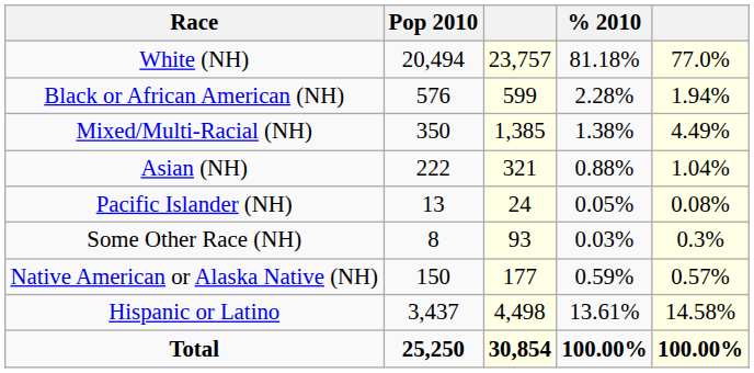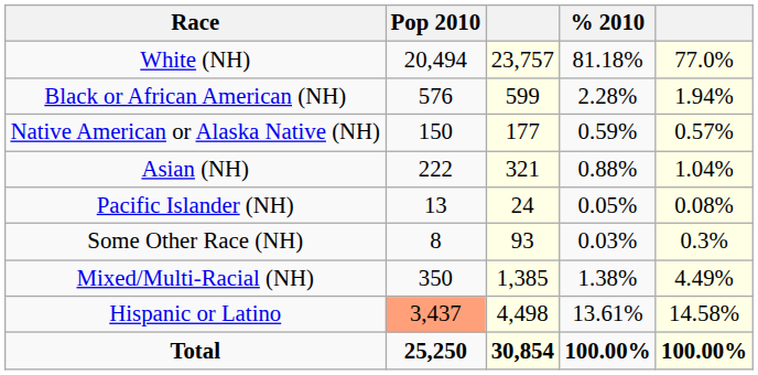 <table class="wikitable" style="text-align:center;">
 <tr>
 <th>Race</th>
 <th>Pop 2010</th>
 <th></th>
 <th>% 2010</th>
 <th></th>
 </tr>
 <tr>
 <td><a href='#'>White</a> (NH)</td>
 <td>20,494</td>
 <td style='background: #ffffe6;'>23,757</td>
 <td>81.18%</td>
 <td style='background: #ffffe6;'>77.0%</td>
 </tr>
 <tr>
 <td><a href='#'>Black or African American</a> (NH)</td>
 <td>576</td>
 <td style='background: #ffffe6;'>599</td>
 <td>2.28%</td>
 <td style='background: #ffffe6;'>1.94%</td>
 </tr>
 <tr>
-<td><a href='#'>Mixed/Multi-Racial</a> (NH)</td>
-<td>350</td>
-<td style='background: #ffffe6;'>1,385</td>
-<td>1.38%</td>
-<td style='background: #ffffe6;'>4.49%</td>
+<td><a href='#'>Native American</a> or <a href='#'>Alaska Native</a> (NH)</td>
+<td>150</td>
+<td style='background: #ffffe6;'>177</td>
+<td>0.59%</td>
+<td style='background: #ffffe6;'>0.57%</td>
 </tr>
 <tr>
 <td><a href='#'>Asian</a> (NH)</td>
 <td>222</td>
 <td style='background: #ffffe6;'>321</td>
 <td>0.88%</td>
 <td style='background: #ffffe6;'>1.04%</td>
 </tr>
 <tr>
 <td><a href='#'>Pacific Islander</a> (NH)</td>
 <td>13</td>
 <td style='background: #ffffe6;'>24</td>
 <td>0.05%</td>
 <td style='background: #ffffe6;'>0.08%</td>
 </tr>
 <tr>
 <td>Some Other Race (NH)</td>
 <td>8</td>
 <td style='background: #ffffe6;'>93</td>
 <td>0.03%</td>
 <td style='background: #ffffe6;'>0.3%</td>
 </tr>
 <tr>
-<td><a href='#'>Native American</a> or <a href='#'>Alaska Native</a> (NH)</td>
-<td>150</td>
-<td style='background: #ffffe6;'>177</td>
-<td>0.59%</td>
-<td style='background: #ffffe6;'>0.57%</td>
+<td><a href='#'>Mixed/Multi-Racial</a> (NH)</td>
+<td>350</td>
+<td style='background: #ffffe6;'>1,385</td>
+<td>1.38%</td>
+<td style='background: #ffffe6;'>4.49%</td>
 </tr>
 <tr>
 <td><a href='#'>Hispanic or Latino</a></td>
-<td>3,437</td>
+<td style="background: lightsalmon;">3,437</td>
 <td style='background: #ffffe6;'>4,498</td>
 <td>13.61%</td>
 <td style='background: #ffffe6;'>14.58%</td>
 </tr>
 <tr>
 <td><strong>Total</strong></td>
 <td><strong>25,250</strong></td>
 <td style='background: #ffffe6;'><strong>30,854</strong></td>
 <td><strong>100.00%</strong></td>
 <td style='background: #ffffe6;'><strong>100.00%</strong></td>
 </tr>
 </table>
